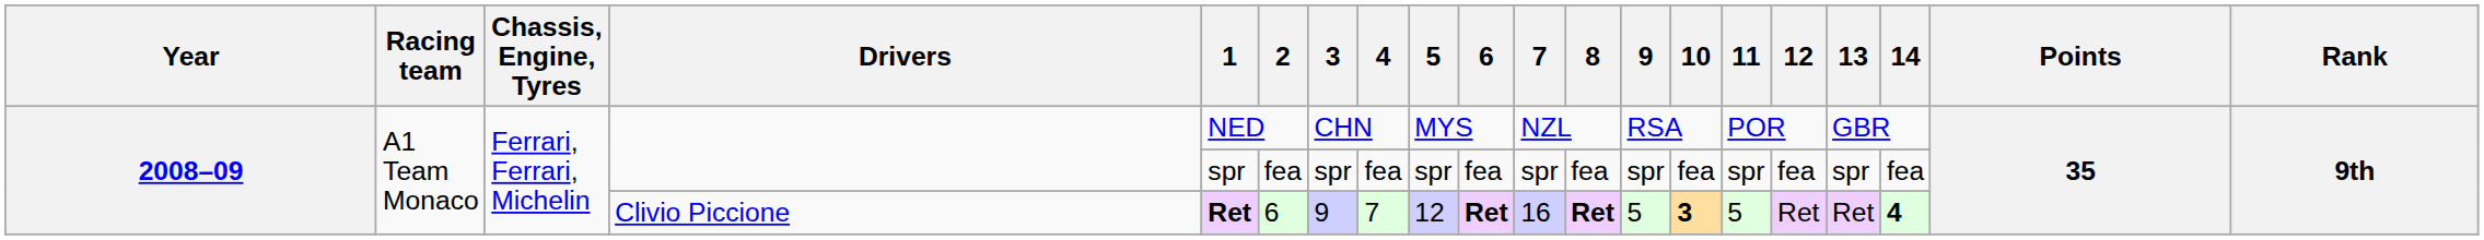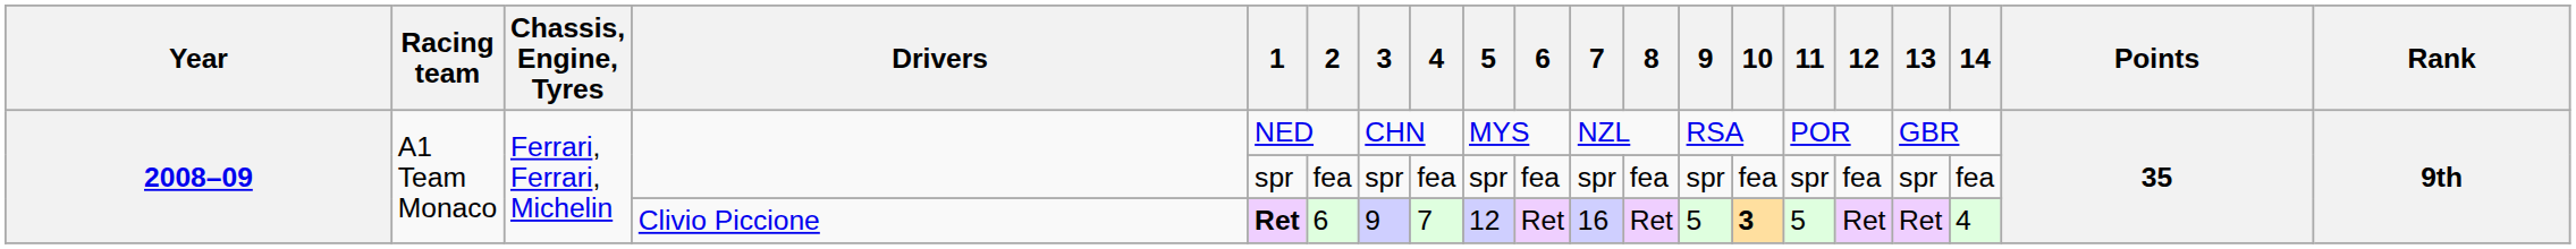 <table class="wikitable" style="font-size: 85%">
 <tr>
 <th>Year</th>
 <th width="4%">Racing<br>team</th>
 <th width="4%">Chassis,<br>Engine,<br>Tyres</th>
 <th>Drivers</th>
 <th width="2%">1</th>
 <th width="2%">2</th>
 <th width="2%">3</th>
 <th width="2%">4</th>
 <th width="2%">5</th>
 <th width="2%">6</th>
 <th width="2%">7</th>
 <th width="2%">8</th>
 <th width="2%">9</th>
 <th width="2%">10</th>
 <th width="2%">11</th>
 <th width="2%">12</th>
 <th width="2%">13</th>
 <th width="2%">14</th>
 <th>Points</th>
 <th>Rank</th>
 </tr>
 <tr>
 <th rowspan=3><a href='#'>2008–09</a></th>
 <td rowspan=3>A1 Team Monaco</td>
 <td rowspan=3><a href='#'>Ferrari</a>,<br><a href='#'>Ferrari</a>,<br><a href='#'>Michelin</a></td>
 <td rowspan=2></td>
 <td colspan=2><a href='#'>NED</a></td>
 <td colspan=2><a href='#'>CHN</a></td>
 <td colspan=2><a href='#'>MYS</a></td>
 <td colspan=2><a href='#'>NZL</a></td>
 <td colspan=2><a href='#'>RSA</a></td>
 <td colspan=2><a href='#'>POR</a></td>
 <td colspan=2><a href='#'>GBR</a></td>
 <th rowspan=3>35</th>
 <th rowspan=3>9th</th>
 </tr>
 <tr>
 <td>spr</td>
 <td>fea</td>
 <td>spr</td>
 <td>fea</td>
 <td>spr</td>
 <td>fea</td>
 <td>spr</td>
 <td>fea</td>
 <td>spr</td>
 <td>fea</td>
 <td>spr</td>
 <td>fea</td>
 <td>spr</td>
 <td>fea</td>
 </tr>
 <tr>
 <td><a href='#'>Clivio Piccione</a></td>
 <td style="background:#EFCFFF;"><strong>Ret</strong></td>
 <td style="background:#DFFFDF;">6</td>
 <td style="background:#CFCFFF;">9</td>
 <td style="background:#DFFFDF;">7</td>
 <td style="background:#CFCFFF;">12</td>
-<td style="background:#EFCFFF;"><strong>Ret</strong></td>
+<td style="background:#EFCFFF;">Ret</td>
 <td style="background:#CFCFFF;">16</td>
-<td style="background:#EFCFFF;"><strong>Ret</strong></td>
+<td style="background:#EFCFFF;">Ret</td>
 <td style="background:#DFFFDF;">5</td>
 <td style="background:#FFDF9F;"><strong>3</strong></td>
 <td style="background:#DFFFDF;">5</td>
 <td style="background:#EFCFFF;">Ret</td>
 <td style="background:#EFCFFF;">Ret</td>
-<td style="background:#DFFFDF;"><strong>4</strong></td>
+<td style="background:#DFFFDF;">4</td>
 </tr>
 </table>
